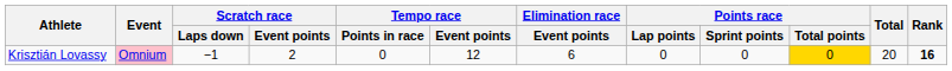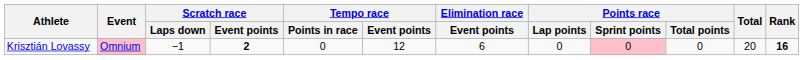 <table class="wikitable" width="85%" style="text-align:center; font-size:90%">
 <tr>
 <th rowspan=2>Athlete</th>
 <th rowspan=2>Event</th>
 <th colspan=2><a href='#'>Scratch race</a></th>
 <th colspan=2><a href='#'>Tempo race</a></th>
 <th><a href='#'>Elimination race</a></th>
 <th colspan=3><a href='#'>Points race</a></th>
 <th rowspan=2>Total</th>
 <th rowspan=2>Rank</th>
 </tr>
 <tr>
 <th>Laps down</th>
 <th>Event points</th>
 <th>Points in race</th>
 <th>Event points</th>
 <th>Event points</th>
 <th>Lap points</th>
 <th>Sprint points</th>
 <th>Total points</th>
 </tr>
 <tr>
 <td align=left><a href='#'>Krisztián Lovassy</a></td>
 <td align="left" style="background: pink;"><a href='#'>Omnium</a></td>
 <td>−1</td>
-<td>2</td>
+<td><strong>2</strong></td>
 <td>0</td>
 <td>12</td>
 <td>6</td>
 <td>0</td>
+<td style="background: pink;">0</td>
 <td>0</td>
-<td style="background: gold;">0</td>
 <td>20</td>
 <td><strong>16</strong></td>
 </tr>
 </table>
